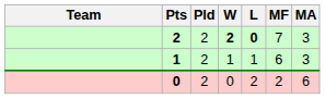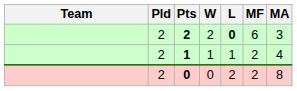 <table class=wikitable style="text-align:center">
 <tr>
 <th width=175>Team</th>
+<th width=20>Pld</th>
 <th width=20>Pts</th>
-<th width=20>Pld</th>
 <th width=20>W</th>
 <th width=20>L</th>
 <th width=20>MF</th>
 <th width=20>MA</th>
 </tr>
 <tr bgcolor=ccffcc>
 <td style="text-align:left"></td>
+<td>2</td>
 <td><strong>2</strong></td>
 <td>2</td>
-<td><strong>2</strong></td>
 <td><strong>0</strong></td>
-<td>7</td>
+<td>6</td>
 <td>3</td>
 </tr>
 <tr bgcolor=ccffcc style="border-bottom:2px solid green;">
 <td style="text-align:left"></td>
+<td>2</td>
 <td><strong>1</strong></td>
-<td>2</td>
 <td>1</td>
 <td>1</td>
-<td>6</td>
-<td>3</td>
+<td>2</td>
+<td>4</td>
 </tr>
 <tr bgcolor=ffcccc>
 <td style="text-align:left"></td>
+<td>2</td>
 <td><strong>0</strong></td>
-<td>2</td>
 <td>0</td>
 <td>2</td>
 <td>2</td>
-<td>6</td>
+<td>8</td>
 </tr>
 </table>
